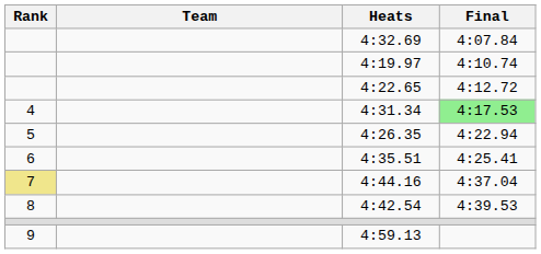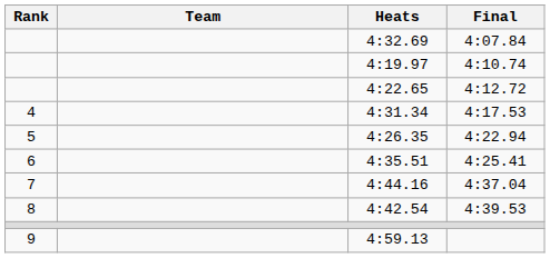 <table class=wikitable style="text-align:center">
 <tr>
 <th width=40>Rank</th>
 <th width=250>Team</th>
 <th width=80>Heats</th>
 <th width=80>Final</th>
 </tr>
 <tr>
 <td></td>
 <td align=left></td>
 <td>4:32.69</td>
 <td>4:07.84</td>
 </tr>
 <tr>
 <td></td>
 <td align=left></td>
 <td>4:19.97</td>
 <td>4:10.74</td>
 </tr>
 <tr>
 <td></td>
 <td align=left></td>
 <td>4:22.65</td>
 <td>4:12.72</td>
 </tr>
 <tr>
 <td>4</td>
 <td align=left></td>
 <td>4:31.34</td>
-<td style="background: lightgreen;">4:17.53</td>
+<td>4:17.53</td>
 </tr>
 <tr>
 <td>5</td>
 <td align=left></td>
 <td>4:26.35</td>
 <td>4:22.94</td>
 </tr>
 <tr>
 <td>6</td>
 <td align=left></td>
 <td>4:35.51</td>
 <td>4:25.41</td>
 </tr>
 <tr>
-<td style="background: khaki;">7</td>
+<td>7</td>
 <td align=left></td>
 <td>4:44.16</td>
 <td>4:37.04</td>
 </tr>
 <tr>
 <td>8</td>
 <td align=left></td>
 <td>4:42.54</td>
 <td>4:39.53</td>
 </tr>
 <tr bgcolor=#DDDDDD>
 <td colspan=4></td>
 </tr>
 <tr>
 <td>9</td>
 <td align=left></td>
 <td>4:59.13</td>
 <td></td>
 </tr>
 </table>
